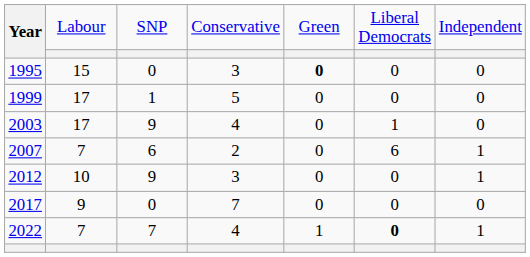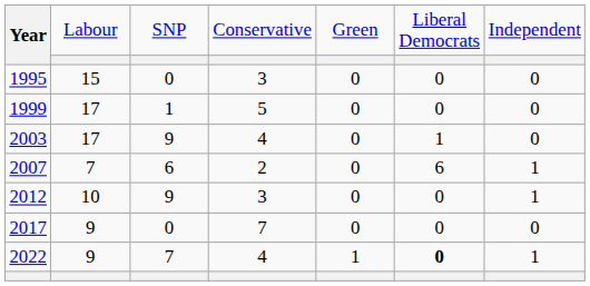 <table class=wikitable style=text-align:center>
 <tr>
 <th rowspan=2>Year</th>
 <td width="60"><a href='#'>Labour</a></td>
 <td width="60"><a href='#'>SNP</a></td>
 <td width="60"><a href='#'>Conservative</a></td>
 <td width="60"><a href='#'>Green</a></td>
 <td width="60"><a href='#'>Liberal Democrats</a></td>
 <td width="60"><a href='#'>Independent</a></td>
 </tr>
 <tr>
 <th style="background-color: "></th>
 <th style="background-color: "></th>
 <th style="background-color: "></th>
 <th style="background-color: "></th>
 <th style="background-color: "></th>
 <th style="background-color: "></th>
 </tr>
 <tr>
 <td><a href='#'>1995</a></td>
 <td>15</td>
 <td>0</td>
 <td>3</td>
-<td><strong>0</strong></td>
+<td>0</td>
 <td>0</td>
 <td>0</td>
 </tr>
 <tr>
 <td><a href='#'>1999</a></td>
 <td>17</td>
 <td>1</td>
 <td>5</td>
 <td>0</td>
 <td>0</td>
 <td>0</td>
 </tr>
 <tr>
 <td><a href='#'>2003</a></td>
 <td>17</td>
 <td>9</td>
 <td>4</td>
 <td>0</td>
 <td>1</td>
 <td>0</td>
 </tr>
 <tr>
 <td><a href='#'>2007</a></td>
 <td>7</td>
 <td>6</td>
 <td>2</td>
 <td>0</td>
 <td>6</td>
 <td>1</td>
 </tr>
 <tr>
 <td><a href='#'>2012</a></td>
 <td>10</td>
 <td>9</td>
 <td>3</td>
 <td>0</td>
 <td>0</td>
 <td>1</td>
 </tr>
 <tr>
 <td><a href='#'>2017</a></td>
 <td>9</td>
 <td>0</td>
 <td>7</td>
 <td>0</td>
 <td>0</td>
 <td>0</td>
 </tr>
 <tr>
 <td><a href='#'>2022</a></td>
-<td>7</td>
+<td>9</td>
 <td>7</td>
 <td>4</td>
 <td>1</td>
 <td><strong>0</strong></td>
 <td>1</td>
 </tr>
 <tr>
 <th></th>
 <th style="background-color: "></th>
 <th style="background-color: "></th>
 <th style="background-color: "></th>
 <th style="background-color: "></th>
 <th style="background-color: "></th>
 <th style="background-color: "></th>
 </tr>
 </table>
